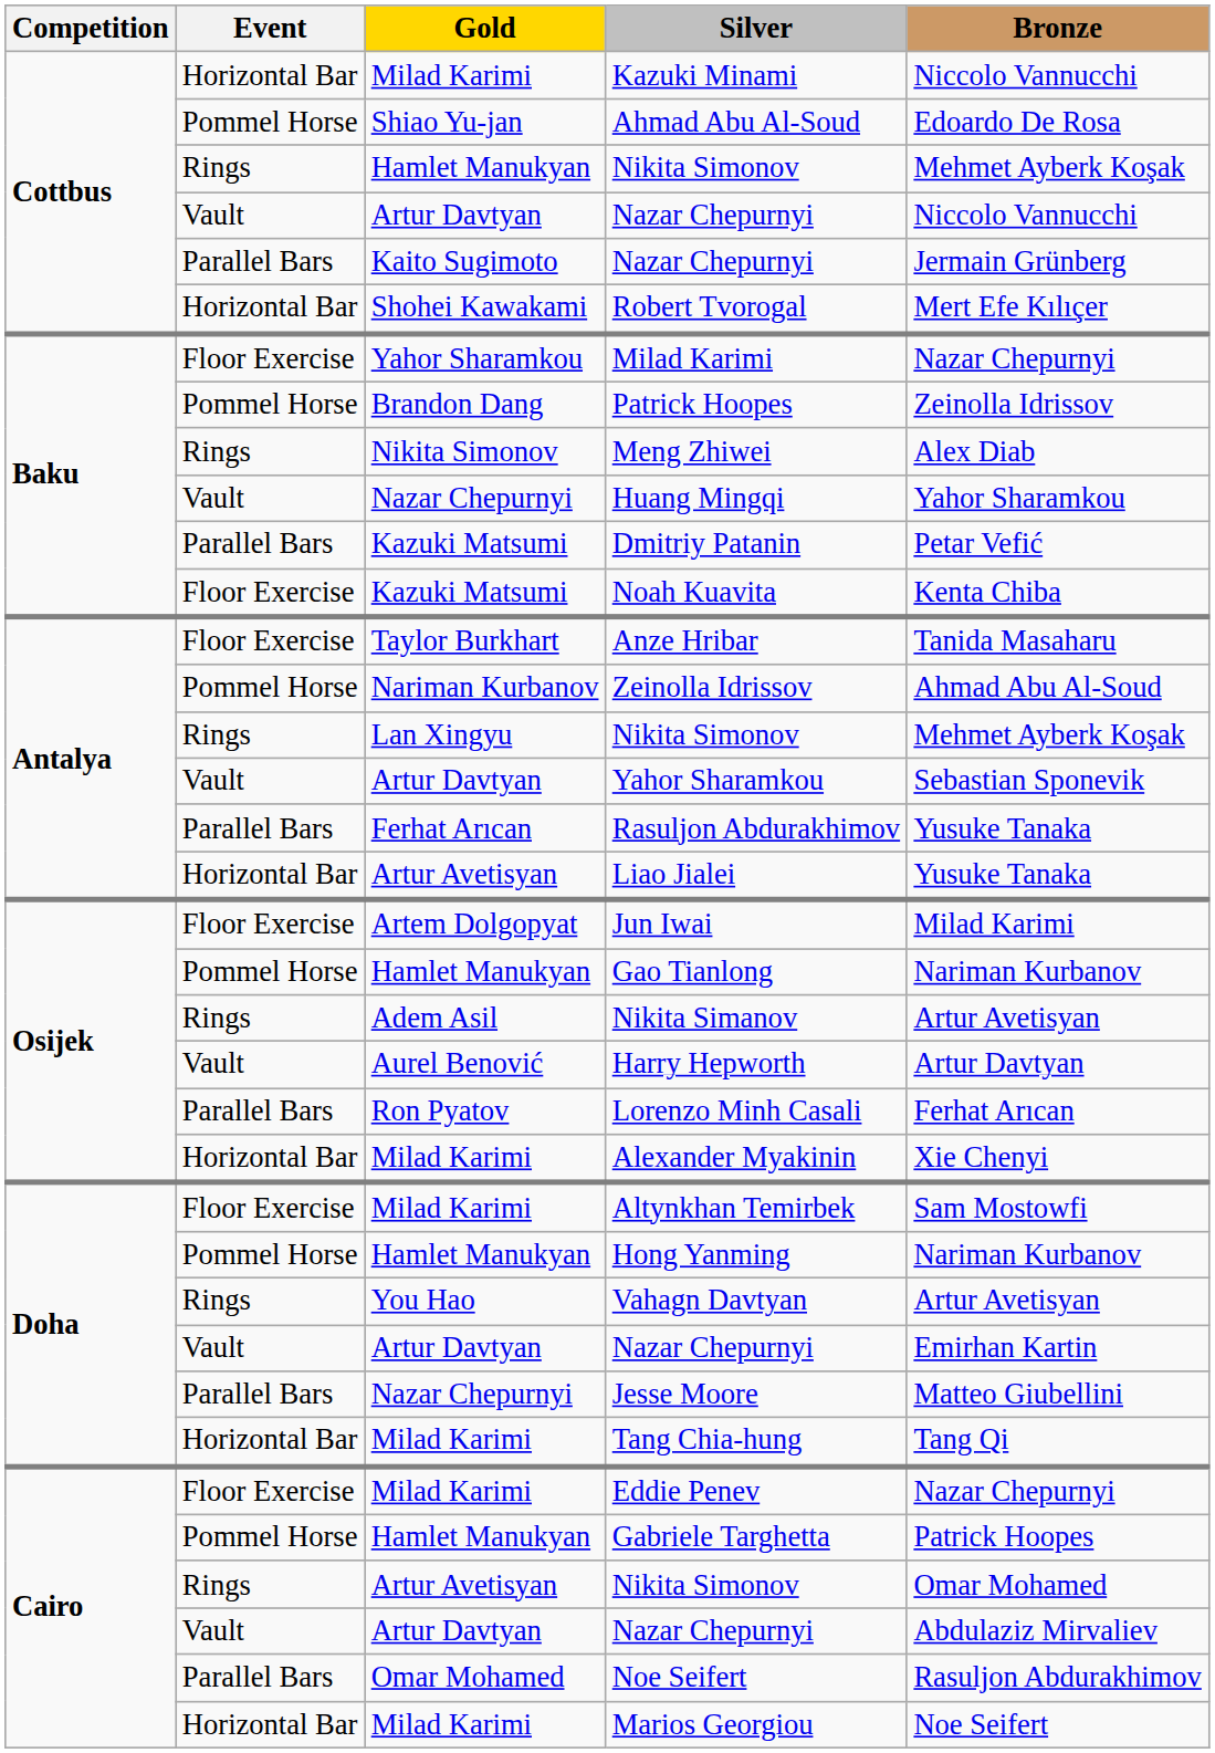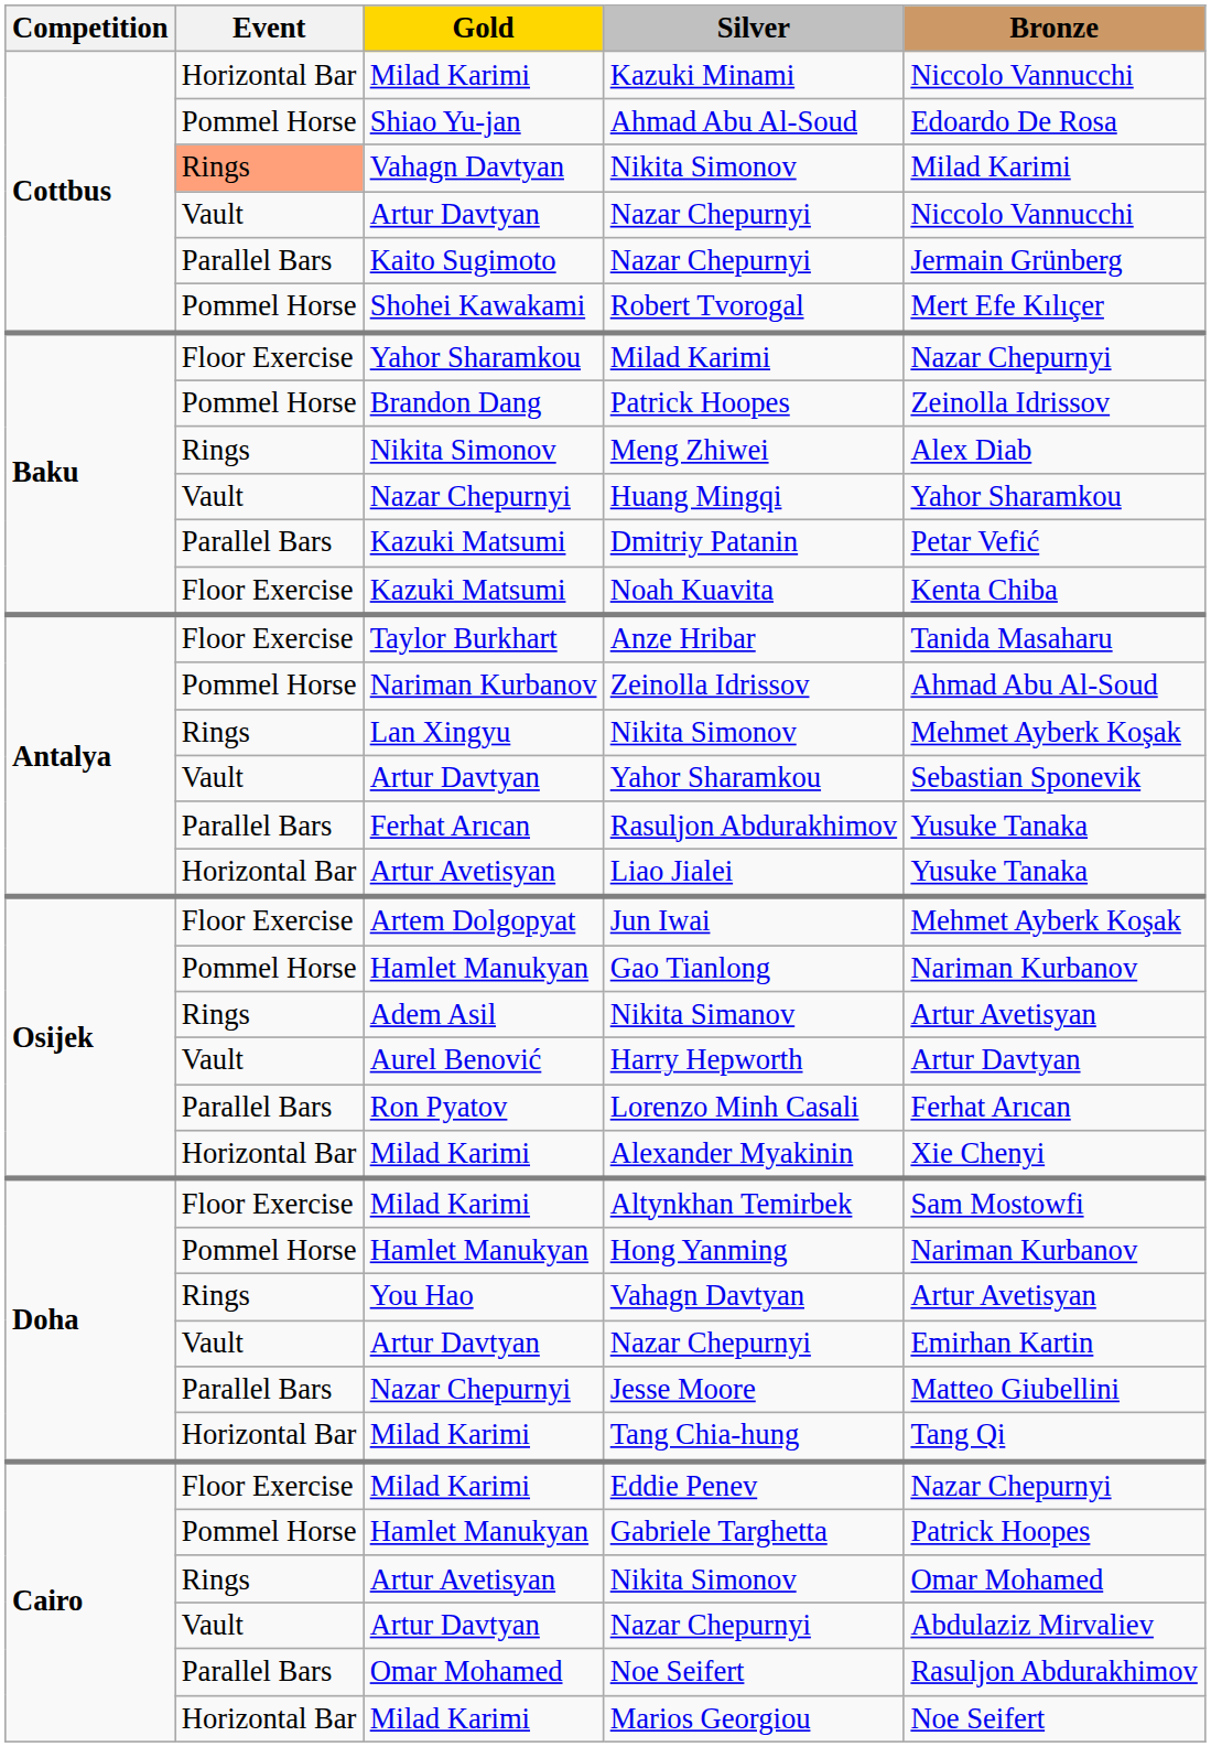 <table class="wikitable">
 <tr>
 <th style="text-align:center;">Competition</th>
 <th style="text-align:center;">Event</th>
 <td style="text-align:center; background:gold;"><strong>Gold</strong></td>
 <td style="text-align:center; background:silver;"><strong>Silver</strong></td>
 <td style="text-align:center; background:#c96;"><strong>Bronze</strong></td>
 </tr>
 <tr>
 <td rowspan=6><strong>Cottbus</strong></td>
 <td>Horizontal Bar</td>
 <td> <a href='#'>Milad Karimi</a></td>
 <td> <a href='#'>Kazuki Minami</a></td>
 <td> <a href='#'>Niccolo Vannucchi</a></td>
 </tr>
 <tr>
 <td>Pommel Horse</td>
 <td> <a href='#'>Shiao Yu-jan</a></td>
 <td> <a href='#'>Ahmad Abu Al-Soud</a></td>
 <td> <a href='#'>Edoardo De Rosa</a></td>
 </tr>
 <tr>
-<td>Rings</td>
-<td> <a href='#'>Hamlet Manukyan</a></td>
+<td style="background: lightsalmon;">Rings</td>
+<td> <a href='#'>Vahagn Davtyan</a></td>
 <td> <a href='#'>Nikita Simonov</a></td>
-<td> <a href='#'>Mehmet Ayberk Koşak</a></td>
+<td> <a href='#'>Milad Karimi</a></td>
 </tr>
 <tr>
 <td>Vault</td>
 <td> <a href='#'>Artur Davtyan</a></td>
 <td> <a href='#'>Nazar Chepurnyi</a></td>
 <td> <a href='#'>Niccolo Vannucchi</a></td>
 </tr>
 <tr>
 <td>Parallel Bars</td>
 <td> <a href='#'>Kaito Sugimoto</a></td>
 <td> <a href='#'>Nazar Chepurnyi</a></td>
 <td> <a href='#'>Jermain Grünberg</a></td>
 </tr>
 <tr>
-<td>Horizontal Bar</td>
+<td>Pommel Horse</td>
 <td> <a href='#'>Shohei Kawakami</a></td>
 <td> <a href='#'>Robert Tvorogal</a></td>
 <td> <a href='#'>Mert Efe Kılıçer</a></td>
 </tr>
 <tr style="border-top: 3px solid grey;">
 <td rowspan=6><strong>Baku</strong></td>
 <td>Floor Exercise</td>
 <td> <a href='#'>Yahor Sharamkou</a></td>
 <td> <a href='#'>Milad Karimi</a></td>
 <td> <a href='#'>Nazar Chepurnyi</a></td>
 </tr>
 <tr>
 <td>Pommel Horse</td>
 <td> <a href='#'>Brandon Dang</a></td>
 <td> <a href='#'>Patrick Hoopes</a></td>
 <td> <a href='#'>Zeinolla Idrissov</a></td>
 </tr>
 <tr>
 <td>Rings</td>
 <td> <a href='#'>Nikita Simonov</a></td>
 <td> <a href='#'>Meng Zhiwei</a></td>
 <td> <a href='#'>Alex Diab</a></td>
 </tr>
 <tr>
 <td>Vault</td>
 <td> <a href='#'>Nazar Chepurnyi</a></td>
 <td> <a href='#'>Huang Mingqi</a></td>
 <td> <a href='#'>Yahor Sharamkou</a></td>
 </tr>
 <tr>
 <td>Parallel Bars</td>
 <td> <a href='#'>Kazuki Matsumi</a></td>
 <td> <a href='#'>Dmitriy Patanin</a></td>
 <td> <a href='#'>Petar Vefić</a></td>
 </tr>
 <tr>
 <td>Floor Exercise</td>
 <td> <a href='#'>Kazuki Matsumi</a></td>
 <td> <a href='#'>Noah Kuavita</a></td>
 <td> <a href='#'>Kenta Chiba</a></td>
 </tr>
 <tr style="border-top: 3px solid grey;">
 <td rowspan=6><strong>Antalya</strong></td>
 <td>Floor Exercise</td>
 <td> <a href='#'>Taylor Burkhart</a></td>
 <td> <a href='#'>Anze Hribar</a></td>
 <td> <a href='#'>Tanida Masaharu</a></td>
 </tr>
 <tr>
 <td>Pommel Horse</td>
 <td> <a href='#'>Nariman Kurbanov</a></td>
 <td> <a href='#'>Zeinolla Idrissov</a></td>
 <td> <a href='#'>Ahmad Abu Al-Soud</a></td>
 </tr>
 <tr>
 <td>Rings</td>
 <td> <a href='#'>Lan Xingyu</a></td>
 <td> <a href='#'>Nikita Simonov</a></td>
 <td> <a href='#'>Mehmet Ayberk Koşak</a></td>
 </tr>
 <tr>
 <td>Vault</td>
 <td> <a href='#'>Artur Davtyan</a></td>
 <td> <a href='#'>Yahor Sharamkou</a></td>
 <td> <a href='#'>Sebastian Sponevik</a></td>
 </tr>
 <tr>
 <td>Parallel Bars</td>
 <td> <a href='#'>Ferhat Arıcan</a></td>
 <td> <a href='#'>Rasuljon Abdurakhimov</a></td>
 <td> <a href='#'>Yusuke Tanaka</a></td>
 </tr>
 <tr>
 <td>Horizontal Bar</td>
 <td> <a href='#'>Artur Avetisyan</a></td>
 <td> <a href='#'>Liao Jialei</a></td>
 <td> <a href='#'>Yusuke Tanaka</a></td>
 </tr>
 <tr style="border-top: 3px solid grey;">
 <td rowspan=6><strong>Osijek</strong></td>
 <td>Floor Exercise</td>
 <td> <a href='#'>Artem Dolgopyat</a></td>
 <td> <a href='#'>Jun Iwai</a></td>
-<td> <a href='#'>Milad Karimi</a></td>
+<td> <a href='#'>Mehmet Ayberk Koşak</a></td>
 </tr>
 <tr>
 <td>Pommel Horse</td>
 <td> <a href='#'>Hamlet Manukyan</a></td>
 <td> <a href='#'>Gao Tianlong</a></td>
 <td> <a href='#'>Nariman Kurbanov</a></td>
 </tr>
 <tr>
 <td>Rings</td>
 <td> <a href='#'>Adem Asil</a></td>
 <td> <a href='#'>Nikita Simanov</a></td>
 <td> <a href='#'>Artur Avetisyan</a></td>
 </tr>
 <tr>
 <td>Vault</td>
 <td> <a href='#'>Aurel Benović</a></td>
 <td> <a href='#'>Harry Hepworth</a></td>
 <td> <a href='#'>Artur Davtyan</a></td>
 </tr>
 <tr>
 <td>Parallel Bars</td>
 <td> <a href='#'>Ron Pyatov</a></td>
 <td> <a href='#'>Lorenzo Minh Casali</a></td>
 <td> <a href='#'>Ferhat Arıcan</a></td>
 </tr>
 <tr>
 <td>Horizontal Bar</td>
 <td> <a href='#'>Milad Karimi</a></td>
 <td> <a href='#'>Alexander Myakinin</a></td>
 <td> <a href='#'>Xie Chenyi</a></td>
 </tr>
 <tr style="border-top: 3px solid grey;">
 <td rowspan=6><strong>Doha</strong></td>
 <td>Floor Exercise</td>
 <td> <a href='#'>Milad Karimi</a></td>
 <td> <a href='#'>Altynkhan Temirbek</a></td>
 <td> <a href='#'>Sam Mostowfi</a></td>
 </tr>
 <tr>
 <td>Pommel Horse</td>
 <td> <a href='#'>Hamlet Manukyan</a></td>
 <td> <a href='#'>Hong Yanming</a></td>
 <td> <a href='#'>Nariman Kurbanov</a></td>
 </tr>
 <tr>
 <td>Rings</td>
 <td> <a href='#'>You Hao</a></td>
 <td> <a href='#'>Vahagn Davtyan</a></td>
 <td> <a href='#'>Artur Avetisyan</a></td>
 </tr>
 <tr>
 <td>Vault</td>
 <td> <a href='#'>Artur Davtyan</a></td>
 <td> <a href='#'>Nazar Chepurnyi</a></td>
 <td> <a href='#'>Emirhan Kartin</a></td>
 </tr>
 <tr>
 <td>Parallel Bars</td>
 <td> <a href='#'>Nazar Chepurnyi</a></td>
 <td> <a href='#'>Jesse Moore</a></td>
 <td> <a href='#'>Matteo Giubellini</a></td>
 </tr>
 <tr>
 <td>Horizontal Bar</td>
 <td> <a href='#'>Milad Karimi</a></td>
 <td> <a href='#'>Tang Chia-hung</a></td>
 <td> <a href='#'>Tang Qi</a></td>
 </tr>
 <tr style="border-top: 3px solid grey;">
 <td rowspan=6><strong>Cairo</strong></td>
 <td>Floor Exercise</td>
 <td> <a href='#'>Milad Karimi</a></td>
 <td> <a href='#'>Eddie Penev</a></td>
 <td> <a href='#'>Nazar Chepurnyi</a></td>
 </tr>
 <tr>
 <td>Pommel Horse</td>
 <td> <a href='#'>Hamlet Manukyan</a></td>
 <td> <a href='#'>Gabriele Targhetta</a></td>
 <td> <a href='#'>Patrick Hoopes</a></td>
 </tr>
 <tr>
 <td>Rings</td>
 <td> <a href='#'>Artur Avetisyan</a></td>
 <td> <a href='#'>Nikita Simonov</a></td>
 <td> <a href='#'>Omar Mohamed</a></td>
 </tr>
 <tr>
 <td>Vault</td>
 <td> <a href='#'>Artur Davtyan</a></td>
 <td> <a href='#'>Nazar Chepurnyi</a></td>
 <td> <a href='#'>Abdulaziz Mirvaliev</a></td>
 </tr>
 <tr>
 <td>Parallel Bars</td>
 <td> <a href='#'>Omar Mohamed</a></td>
 <td> <a href='#'>Noe Seifert</a></td>
 <td> <a href='#'>Rasuljon Abdurakhimov</a></td>
 </tr>
 <tr>
 <td>Horizontal Bar</td>
 <td> <a href='#'>Milad Karimi</a></td>
 <td> <a href='#'>Marios Georgiou</a></td>
 <td> <a href='#'>Noe Seifert</a></td>
 </tr>
 </table>
